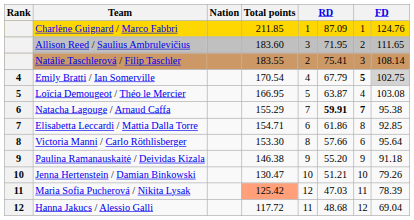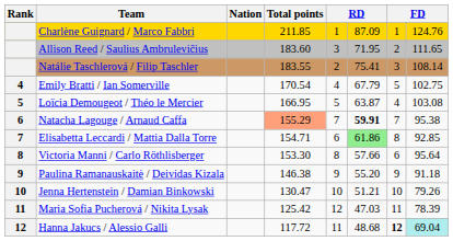 <table class="wikitable sortable" style="text-align:left">
 <tr>
 <th scope="col">Rank</th>
 <th scope="col">Team</th>
 <th scope="col">Nation</th>
 <th scope="col">Total points</th>
 <th scope="col" colspan="2" width="80px"><a href='#'>RD</a></th>
 <th scope="col" colspan="2" width="80px"><a href='#'>FD</a></th>
 </tr>
 <tr bgcolor="gold">
 <th scope="row"></th>
 <td><a href='#'>Charlène Guignard</a> / <a href='#'>Marco Fabbri</a></td>
 <td></td>
 <td align="center">211.85</td>
 <td align="center">1</td>
 <td align="center">87.09</td>
 <td align="center">1</td>
 <td align="center">124.76</td>
 </tr>
 <tr bgcolor="silver">
 <th scope="row"></th>
 <td><a href='#'>Allison Reed</a> / <a href='#'>Saulius Ambrulevičius</a></td>
 <td></td>
 <td align="center">183.60</td>
 <td align="center">3</td>
 <td align="center">71.95</td>
 <td align="center">2</td>
 <td align="center">111.65</td>
 </tr>
 <tr bgcolor="cc9966">
 <th scope="row"></th>
 <td><a href='#'>Natálie Taschlerová</a> / <a href='#'>Filip Taschler</a></td>
 <td></td>
 <td align="center">183.55</td>
 <td align="center">2</td>
 <td align="center">75.41</td>
 <td align="center">3</td>
 <td align="center">108.14</td>
 </tr>
 <tr>
 <th scope="row">4</th>
 <td><a href='#'>Emily Bratti</a> / <a href='#'>Ian Somerville</a></td>
 <td></td>
 <td align="center">170.54</td>
 <td align="center">4</td>
 <td align="center">67.79</td>
-<td align="center"><strong>5</strong></td>
-<td align="center" style="background: lightgrey;">102.75</td>
+<td align="center">5</td>
+<td align="center">102.75</td>
 </tr>
 <tr>
 <th scope="row">5</th>
 <td><a href='#'>Loïcia Demougeot</a> / <a href='#'>Théo le Mercier</a></td>
 <td></td>
 <td align="center">166.95</td>
 <td align="center">5</td>
 <td align="center">63.87</td>
 <td align="center">4</td>
 <td align="center">103.08</td>
 </tr>
 <tr>
 <th scope="row">6</th>
 <td><a href='#'>Natacha Lagouge</a> / <a href='#'>Arnaud Caffa</a></td>
 <td></td>
-<td align="center">155.29</td>
+<td align="center" style="background: lightsalmon;">155.29</td>
 <td align="center">7</td>
 <td align="center"><strong>59.91</strong></td>
-<td align="center"><strong>7</strong></td>
+<td align="center">7</td>
 <td align="center">95.38</td>
 </tr>
 <tr>
 <th scope="row">7</th>
 <td><a href='#'>Elisabetta Leccardi</a> / <a href='#'>Mattia Dalla Torre</a></td>
 <td></td>
 <td align="center">154.71</td>
 <td align="center">6</td>
-<td align="center">61.86</td>
+<td align="center" style="background: lightgreen;">61.86</td>
 <td align="center">8</td>
 <td align="center">92.85</td>
 </tr>
 <tr>
 <th scope="row">8</th>
 <td><a href='#'>Victoria Manni</a> / <a href='#'>Carlo Röthlisberger</a></td>
 <td></td>
 <td align="center">153.30</td>
 <td align="center">8</td>
 <td align="center">57.66</td>
 <td align="center">6</td>
 <td align="center">95.64</td>
 </tr>
 <tr>
 <th scope="row">9</th>
 <td><a href='#'>Paulina Ramanauskaitė</a> / <a href='#'>Deividas Kizala</a></td>
 <td></td>
 <td align="center">146.38</td>
 <td align="center">9</td>
 <td align="center">55.20</td>
 <td align="center">9</td>
 <td align="center">91.18</td>
 </tr>
 <tr>
 <th scope="row">10</th>
 <td><a href='#'>Jenna Hertenstein</a> / <a href='#'>Damian Binkowski</a></td>
 <td></td>
 <td align="center">130.47</td>
 <td align="center">10</td>
 <td align="center">51.21</td>
 <td align="center">10</td>
 <td align="center">79.26</td>
 </tr>
 <tr>
 <th scope="row">11</th>
 <td><a href='#'>Maria Sofia Pucherová</a> / <a href='#'>Nikita Lysak</a></td>
 <td></td>
-<td align="center" style="background: lightsalmon;">125.42</td>
+<td align="center">125.42</td>
 <td align="center">12</td>
 <td align="center">47.03</td>
 <td align="center">11</td>
 <td align="center">78.39</td>
 </tr>
 <tr>
 <th scope="row">12</th>
 <td><a href='#'>Hanna Jakucs</a> / <a href='#'>Alessio Galli</a></td>
 <td></td>
 <td align="center">117.72</td>
 <td align="center">11</td>
 <td align="center">48.68</td>
-<td align="center">12</td>
-<td align="center">69.04</td>
+<td align="center"><strong>12</strong></td>
+<td align="center" style="background: paleturquoise;">69.04</td>
 </tr>
 </table>
